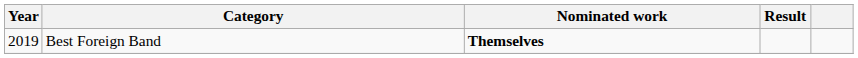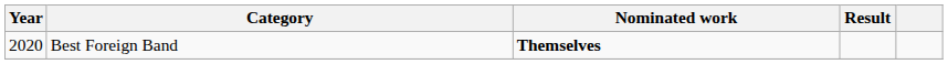 <table class="wikitable plainrowheaders" style="width:70%;">
 <tr>
 <th scope="col" style="width:4%;">Year</th>
 <th scope="col" style="width:50%;">Category</th>
 <th scope="col" style="width:35%;">Nominated work</th>
 <th scope="col" style="width:6%;">Result</th>
 <th scope="col" style="width:6%;"></th>
 </tr>
 <tr>
-<td>2019</td>
+<td>2020</td>
 <td>Best Foreign Band</td>
 <td><strong>Themselves</strong></td>
 <td></td>
 <td style="text-align:center;"></td>
 </tr>
 <tr>
 </tr>
 </table>
